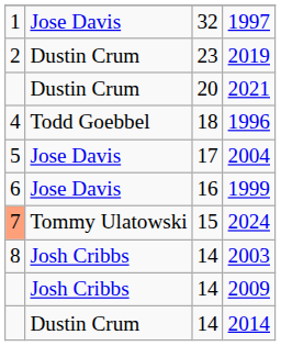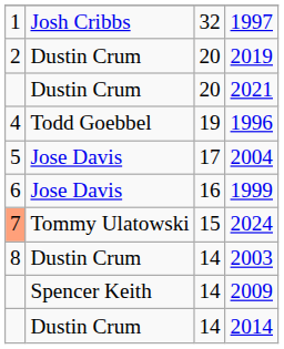 <table class="wikitable" style="display:inline-table;">
 <tr>
 </tr>
 <tr>
 <td>1</td>
-<td><a href='#'>Jose Davis</a></td>
+<td><a href='#'>Josh Cribbs</a></td>
 <td>32</td>
 <td><a href='#'>1997</a></td>
 </tr>
 <tr>
 <td>2</td>
 <td>Dustin Crum</td>
-<td>23</td>
+<td>20</td>
 <td><a href='#'>2019</a></td>
 </tr>
 <tr>
 <td></td>
 <td>Dustin Crum</td>
 <td>20</td>
 <td><a href='#'>2021</a></td>
 </tr>
 <tr>
 <td>4</td>
 <td>Todd Goebbel</td>
-<td>18</td>
+<td>19</td>
 <td><a href='#'>1996</a></td>
 </tr>
 <tr>
 <td>5</td>
 <td><a href='#'>Jose Davis</a></td>
 <td>17</td>
 <td><a href='#'>2004</a></td>
 </tr>
 <tr>
 <td>6</td>
 <td><a href='#'>Jose Davis</a></td>
 <td>16</td>
 <td><a href='#'>1999</a></td>
 </tr>
 <tr>
 <td style="background: lightsalmon;">7</td>
 <td>Tommy Ulatowski</td>
 <td>15</td>
 <td><a href='#'>2024</a></td>
 </tr>
 <tr>
 <td>8</td>
-<td><a href='#'>Josh Cribbs</a></td>
+<td>Dustin Crum</td>
 <td>14</td>
 <td><a href='#'>2003</a></td>
 </tr>
 <tr>
 <td></td>
-<td><a href='#'>Josh Cribbs</a></td>
+<td>Spencer Keith</td>
 <td>14</td>
 <td><a href='#'>2009</a></td>
 </tr>
 <tr>
 <td></td>
 <td>Dustin Crum</td>
 <td>14</td>
 <td><a href='#'>2014</a></td>
 </tr>
 </table>
